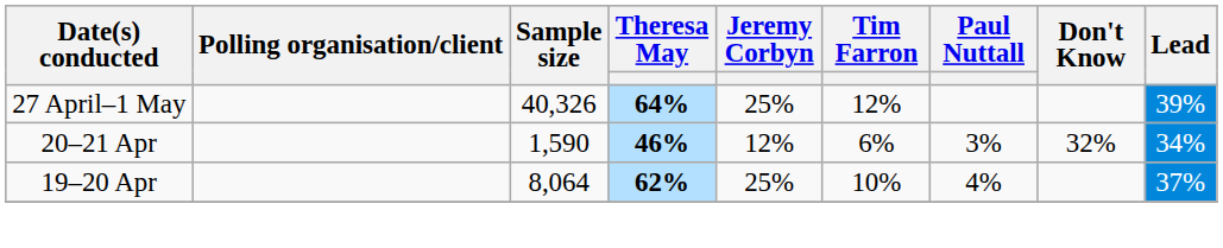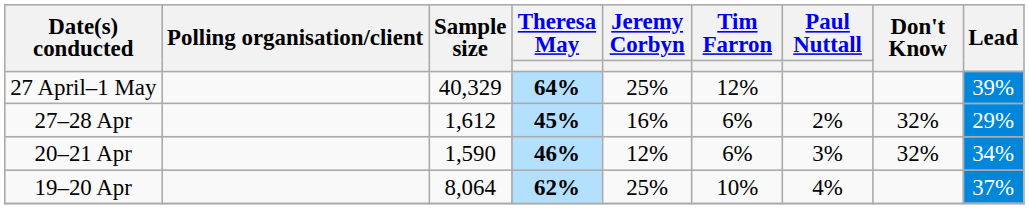 <table class="wikitable sortable mw-datatable" style="text-align:center;font-size:90%;line-height:14px;">
 <tr>
 <th rowspan="2">Date(s)<br>conducted</th>
 <th rowspan="2">Polling organisation/client</th>
 <th rowspan="2">Sample<br>size</th>
 <th style="width:50px;" class="unsortable"><a href='#'>Theresa May</a></th>
 <th style="width:50px;" class="unsortable"><a href='#'>Jeremy Corbyn</a></th>
 <th style="width:50px;" class="unsortable"><a href='#'>Tim Farron</a></th>
 <th style="width:50px;" class="unsortable"><a href='#'>Paul Nuttall</a></th>
 <th style="width:50px;" rowspan="2" class="unsortable">Don't Know</th>
 <th class="unsortable" style="width:20px;" rowspan="2">Lead</th>
 </tr>
 <tr>
 <th class="unsortable" style="color:inherit;background:"></th>
 <th class="unsortable" style="color:inherit;background:"></th>
 <th class="unsortable" style="color:inherit;background:"></th>
 <th class="unsortable" style="color:inherit;background:"></th>
 </tr>
 <tr>
 <td>27 April–1 May</td>
 <td></td>
-<td>40,326</td>
+<td>40,329</td>
 <td style="background:#B3E0FF"><strong>64%</strong></td>
 <td>25%</td>
 <td>12%</td>
 <td></td>
 <td></td>
 <td style="background:#0087DC; color:white;">39%</td>
+</tr>
+<tr>
+<td>27–28 Apr</td>
+<td></td>
+<td>1,612</td>
+<td style="background:#B3E0FF"><strong>45%</strong></td>
+<td>16%</td>
+<td>6%</td>
+<td>2%</td>
+<td>32%</td>
+<td style="background:#0087DC; color:white;">29%</td>
 </tr>
 <tr>
 <td>20–21 Apr</td>
 <td></td>
 <td>1,590</td>
 <td style="background:#B3E0FF"><strong>46%</strong></td>
 <td>12%</td>
 <td>6%</td>
 <td>3%</td>
 <td>32%</td>
 <td style="background:#0087DC; color:white;">34%</td>
 </tr>
 <tr>
 <td>19–20 Apr</td>
 <td> </td>
 <td>8,064</td>
 <td style="background:#B3E0FF"><strong>62%</strong></td>
 <td>25%</td>
 <td>10%</td>
 <td>4%</td>
 <td></td>
 <td style="background:#0087DC; color:white;">37%</td>
 </tr>
 <tr>
 </tr>
 </table>
